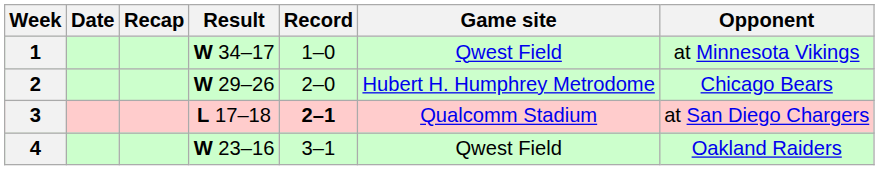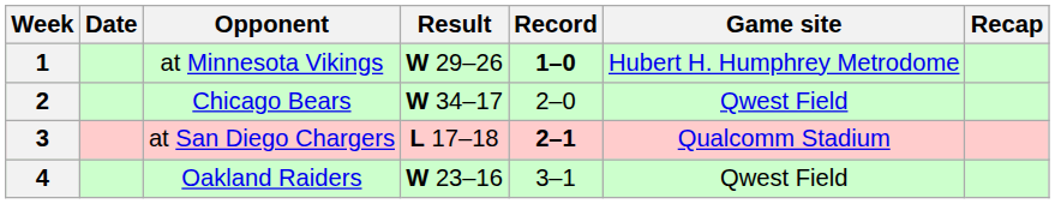 <table class="wikitable" style="text-align:center">
 <tr>
 <th>Week</th>
 <th>Date</th>
-<th>Recap</th>
+<th>Opponent</th>
 <th>Result</th>
 <th>Record</th>
 <th>Game site</th>
-<th>Opponent</th>
+<th>Recap</th>
 </tr>
 <tr style="background:#cfc">
 <th>1</th>
 <td></td>
+<td>at <a href='#'>Minnesota Vikings</a></td>
+<td><strong>W</strong> 29–26</td>
+<td><strong>1–0</strong></td>
+<td><a href='#'>Hubert H. Humphrey Metrodome</a></td>
 <td></td>
-<td><strong>W</strong> 34–17</td>
-<td>1–0</td>
-<td><a href='#'>Qwest Field</a></td>
-<td>at <a href='#'>Minnesota Vikings</a></td>
 </tr>
 <tr style="background:#cfc">
 <th>2</th>
 <td></td>
+<td><a href='#'>Chicago Bears</a></td>
+<td><strong>W</strong> 34–17</td>
+<td>2–0</td>
+<td><a href='#'>Qwest Field</a></td>
 <td></td>
-<td><strong>W</strong> 29–26</td>
-<td>2–0</td>
-<td><a href='#'>Hubert H. Humphrey Metrodome</a></td>
-<td><a href='#'>Chicago Bears</a></td>
 </tr>
 <tr style="background:#fcc">
 <th>3</th>
 <td></td>
-<td></td>
+<td>at <a href='#'>San Diego Chargers</a></td>
 <td><strong>L</strong> 17–18</td>
 <td><strong>2–1</strong></td>
 <td><a href='#'>Qualcomm Stadium</a></td>
-<td>at <a href='#'>San Diego Chargers</a></td>
+<td></td>
 </tr>
 <tr style="background:#cfc">
 <th>4</th>
 <td></td>
-<td></td>
+<td><a href='#'>Oakland Raiders</a></td>
 <td><strong>W</strong> 23–16</td>
 <td>3–1</td>
 <td>Qwest Field</td>
-<td><a href='#'>Oakland Raiders</a></td>
+<td></td>
 </tr>
 </table>
